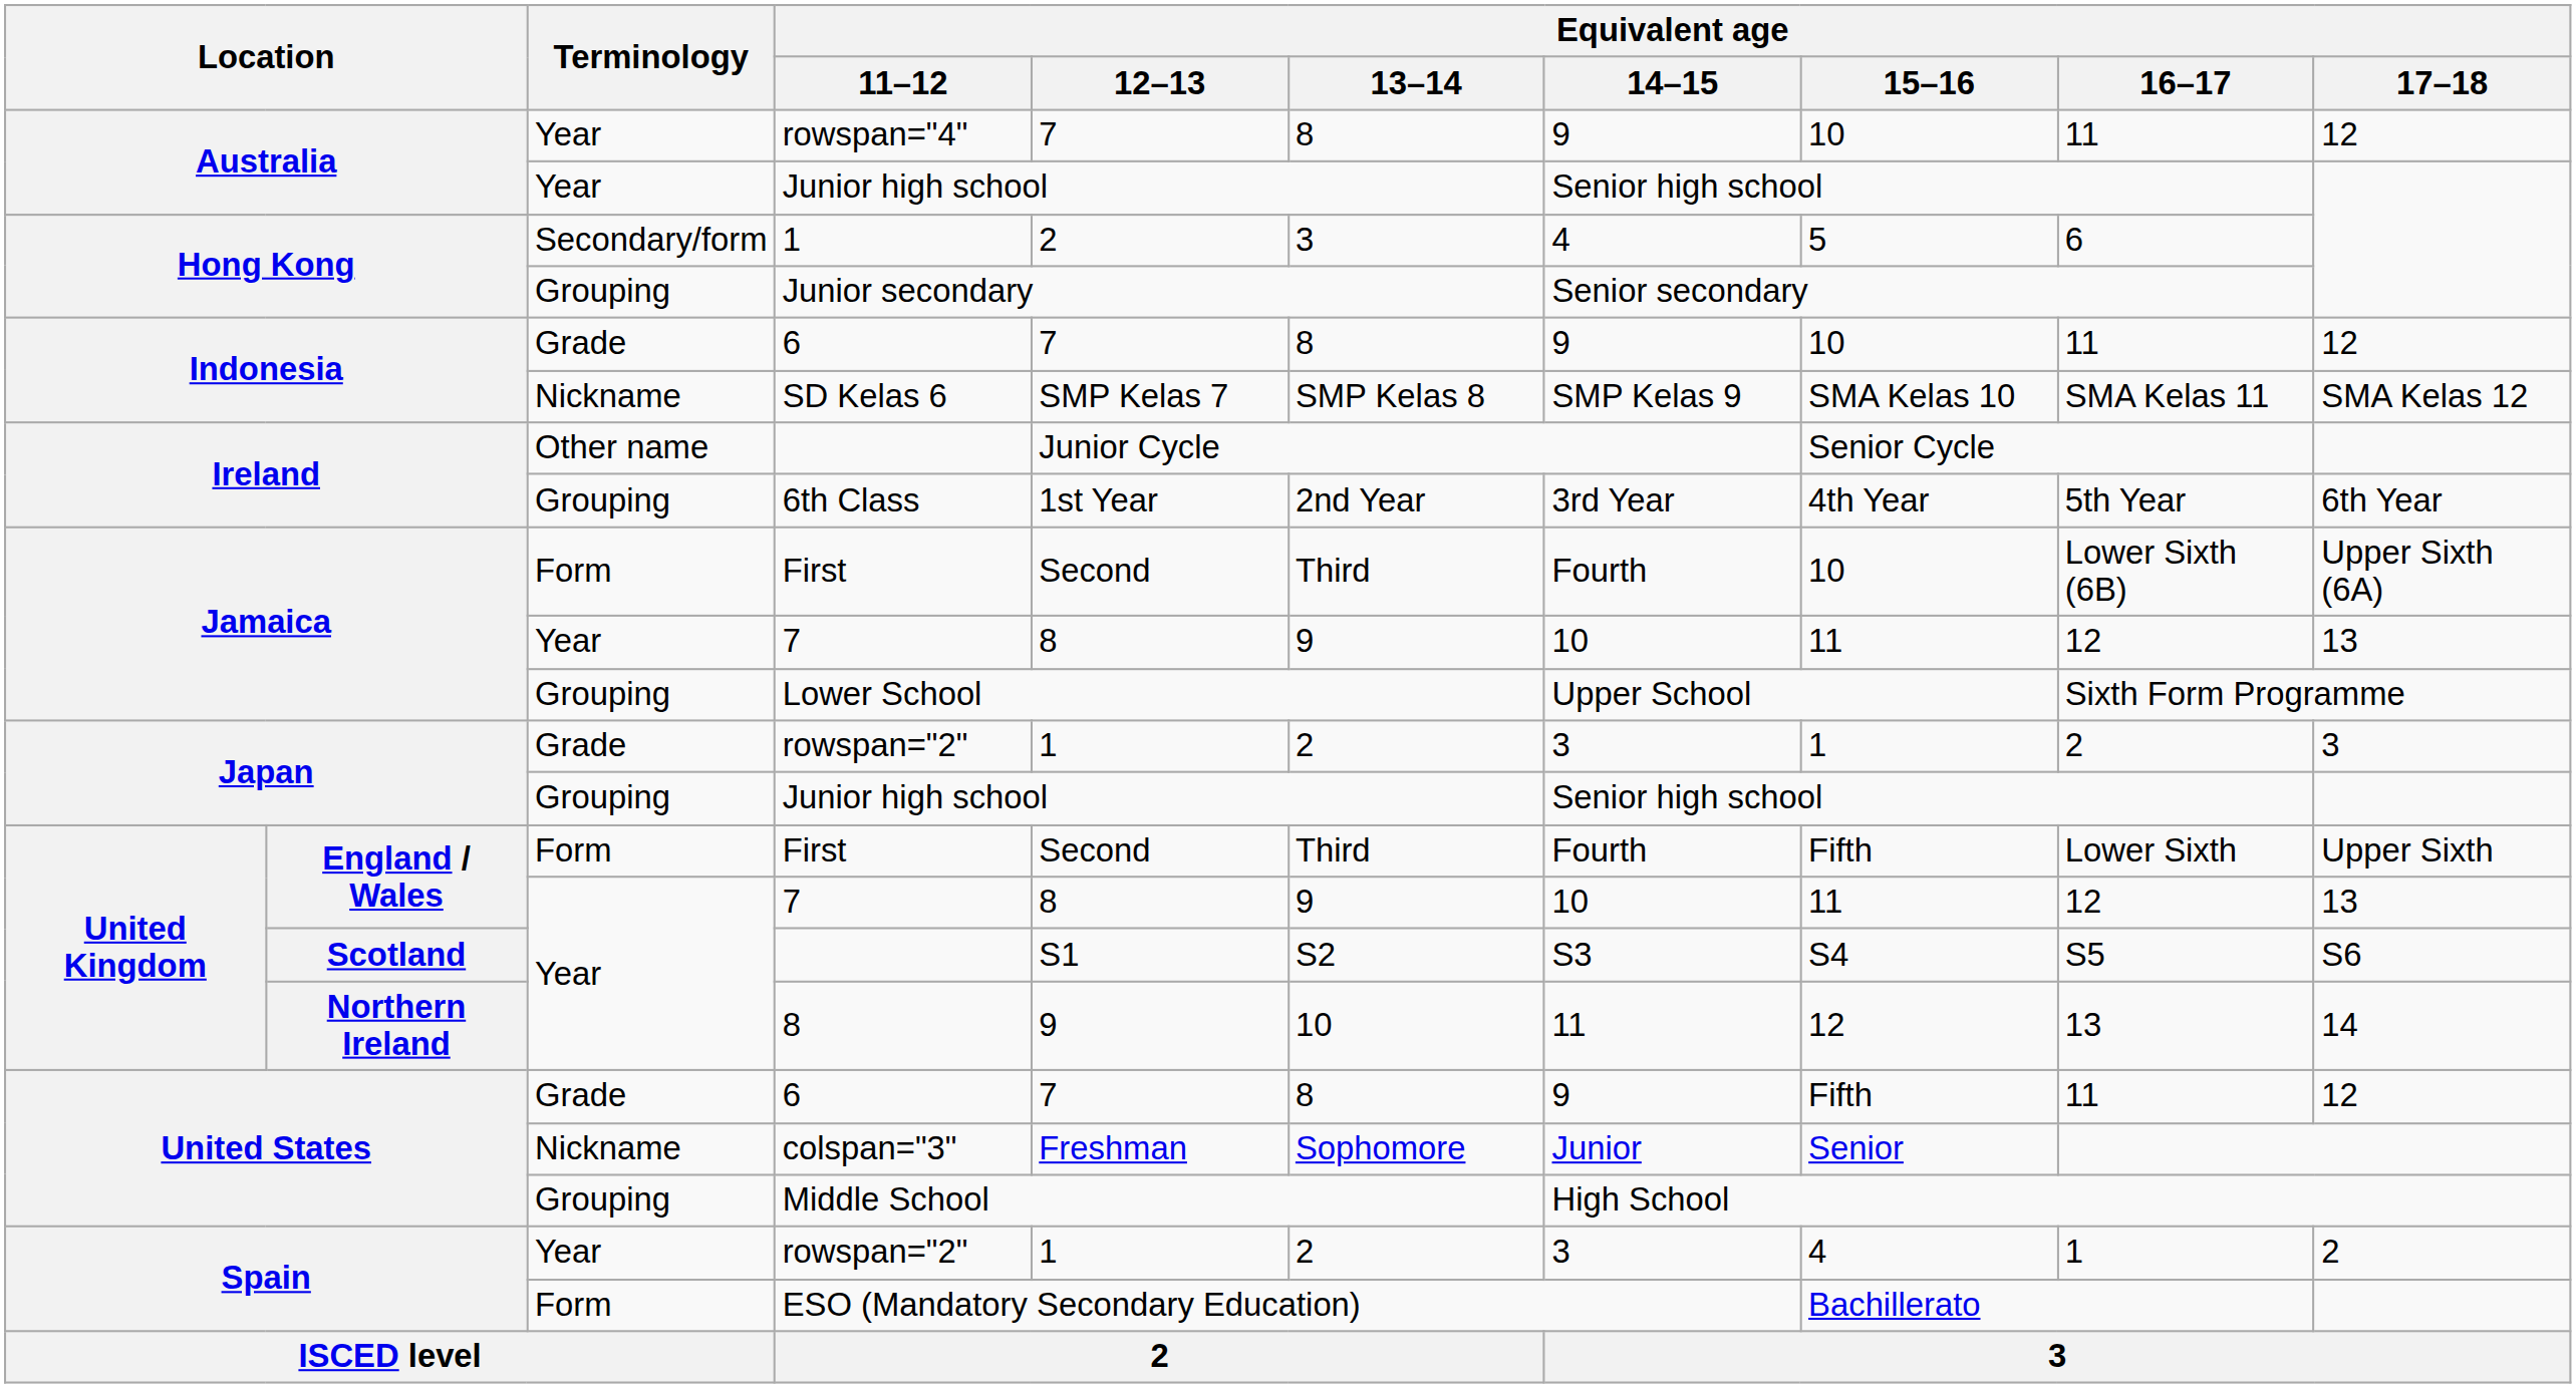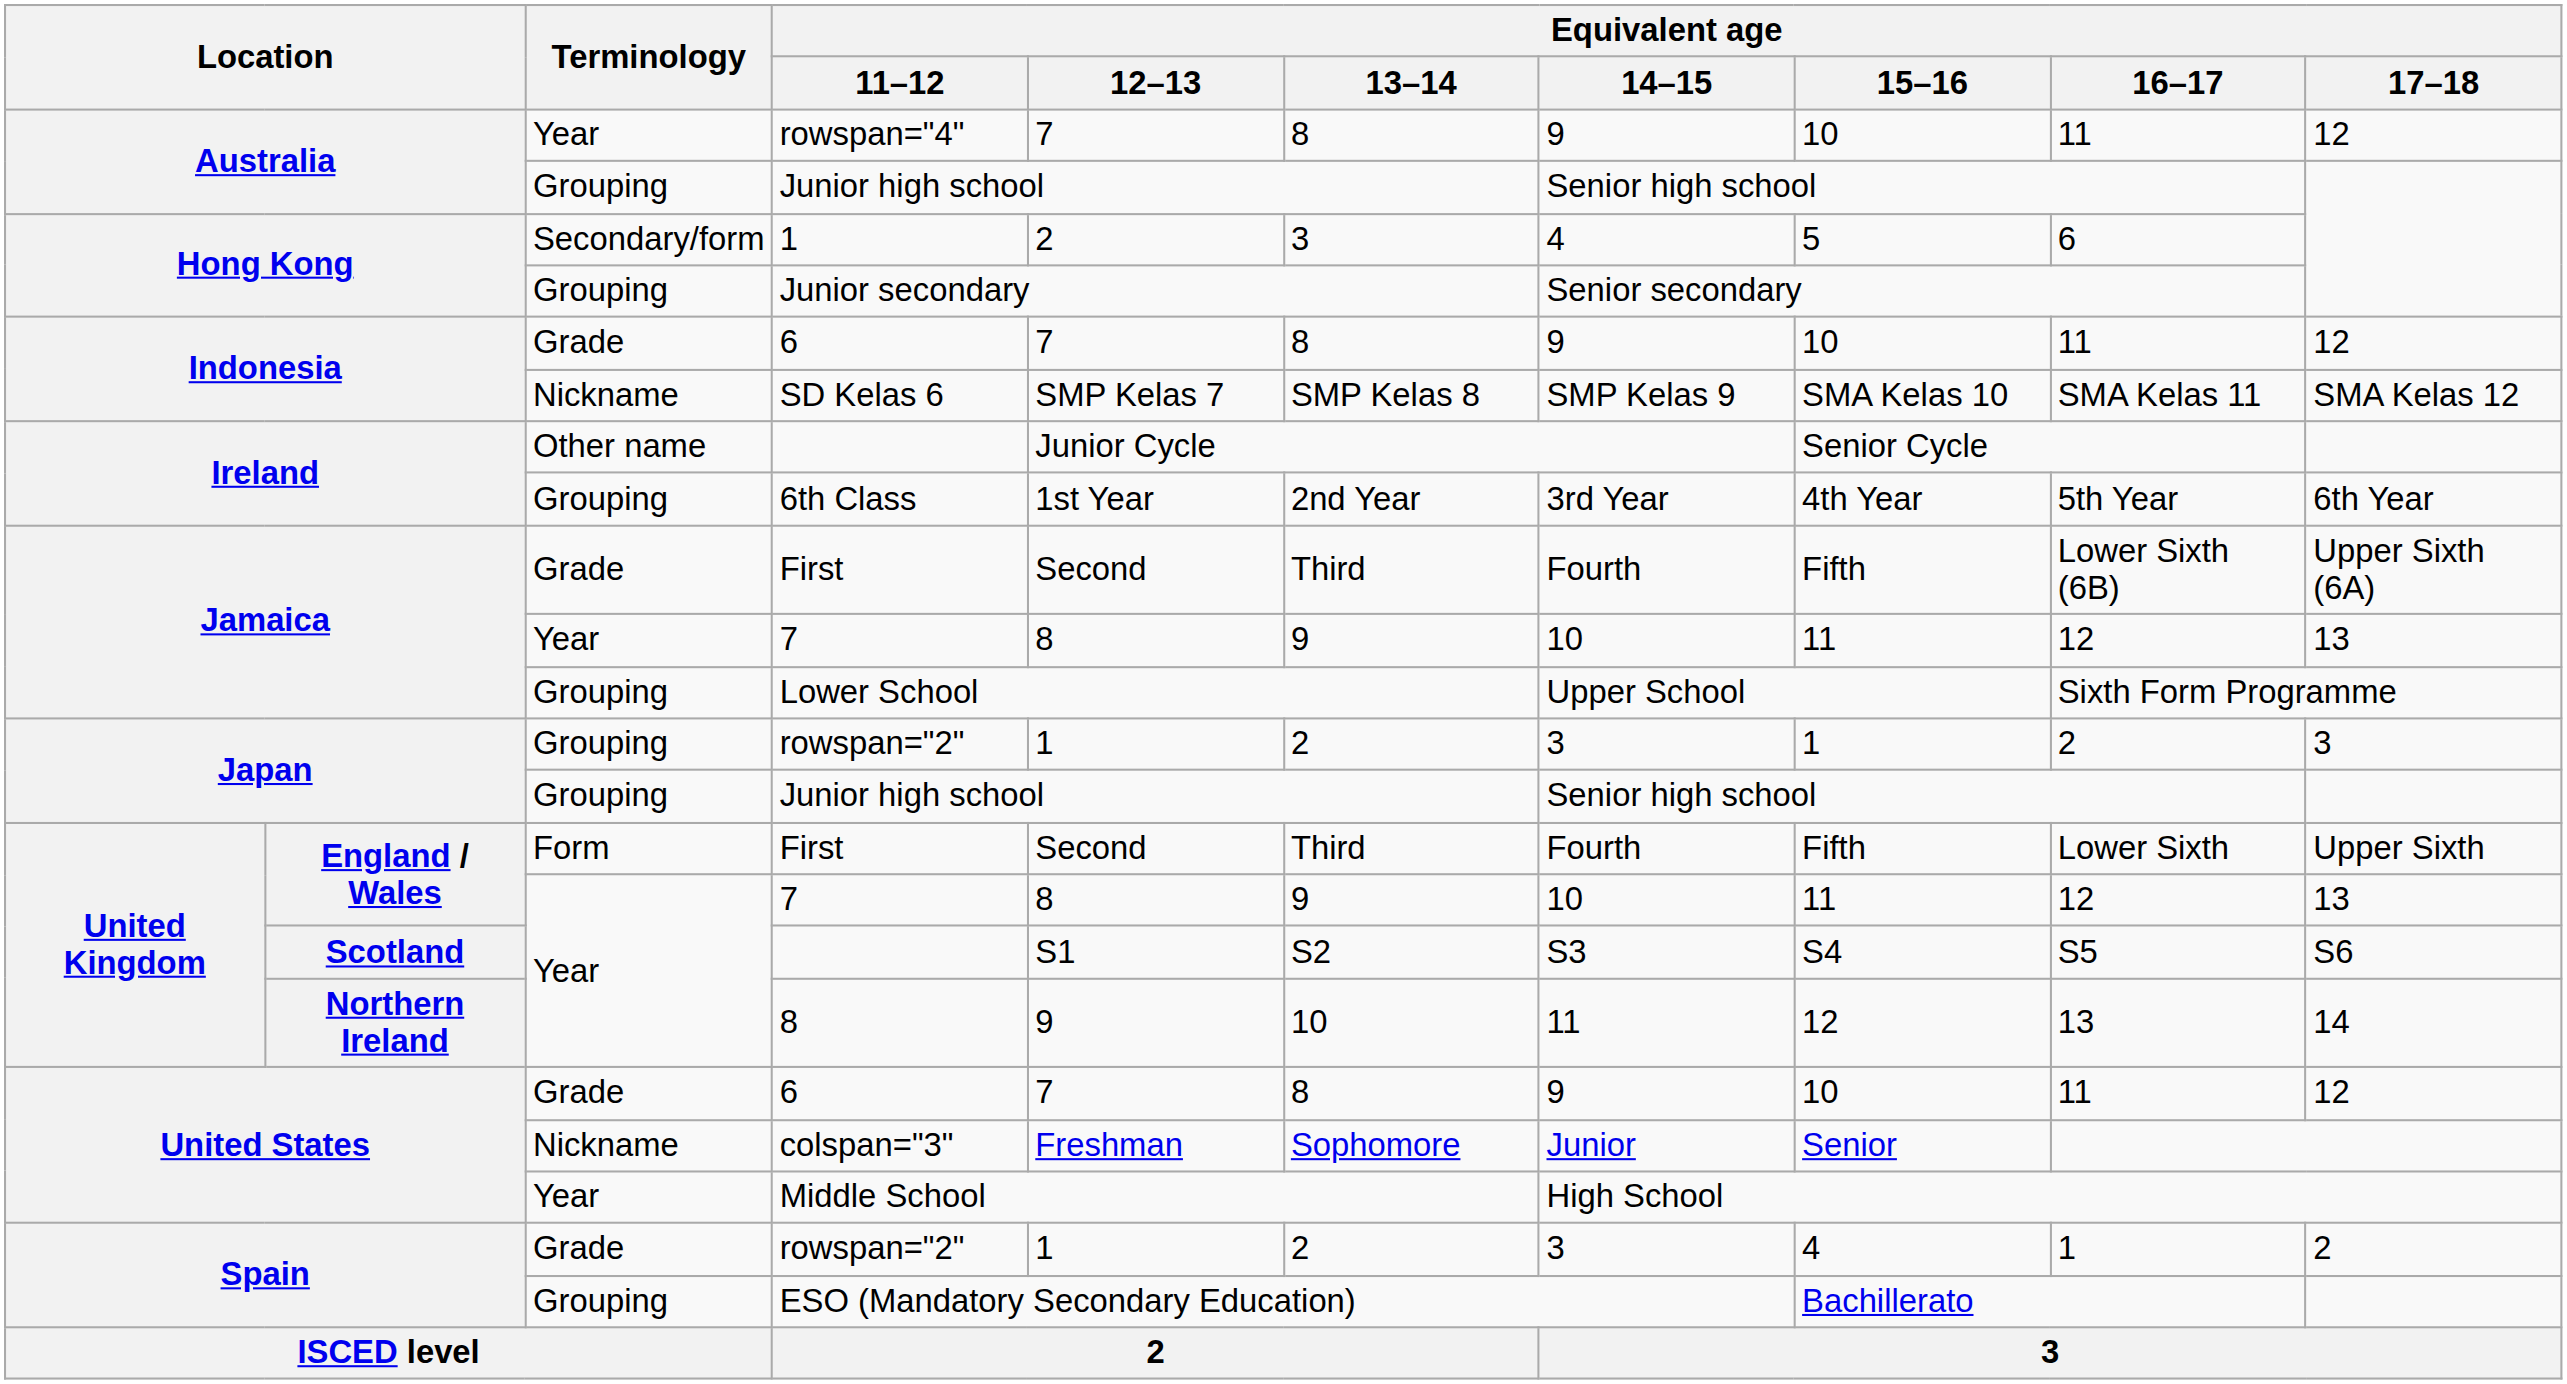 <table class="wikitable">
 <tr>
 <th colspan="2" rowspan="2">Location</th>
 <th rowspan="2">Terminology</th>
 <th colspan="7">Equivalent age</th>
 </tr>
 <tr>
 <th style="width:10%;">11–12</th>
 <th style="width:10%;">12–13</th>
 <th style="width:10%;">13–14</th>
 <th style="width:10%;">14–15</th>
 <th style="width:10%;">15–16</th>
 <th style="width:10%;">16–17</th>
 <th style="width:10%;">17–18</th>
 </tr>
 <tr>
 <th rowspan="2" colspan="2"><a href='#'>Australia</a></th>
 <td>Year</td>
 <td>rowspan="4" </td>
 <td>7</td>
 <td>8</td>
 <td>9</td>
 <td>10</td>
 <td>11</td>
 <td>12</td>
 </tr>
 <tr>
-<td>Year</td>
+<td>Grouping</td>
 <td colspan="3">Junior high school</td>
 <td colspan="3">Senior high school</td>
 </tr>
 <tr>
 <th rowspan="2" colspan="2"><a href='#'>Hong Kong</a></th>
 <td>Secondary/form</td>
 <td>1</td>
 <td>2</td>
 <td>3</td>
 <td>4</td>
 <td>5</td>
 <td>6</td>
 </tr>
 <tr>
 <td>Grouping</td>
 <td colspan="3">Junior secondary</td>
 <td colspan="3">Senior secondary</td>
 </tr>
 <tr>
 <th rowspan="2" colspan="2"><a href='#'>Indonesia</a></th>
 <td>Grade</td>
 <td>6</td>
 <td>7</td>
 <td>8</td>
 <td>9</td>
 <td>10</td>
 <td>11</td>
 <td>12</td>
 </tr>
 <tr>
 <td>Nickname</td>
 <td>SD Kelas 6</td>
 <td>SMP Kelas 7</td>
 <td>SMP Kelas 8</td>
 <td>SMP Kelas 9</td>
 <td>SMA Kelas 10</td>
 <td>SMA Kelas 11</td>
 <td>SMA Kelas 12</td>
 </tr>
 <tr>
 <th rowspan="2" colspan="2"><a href='#'>Ireland</a></th>
 <td>Other name</td>
 <td></td>
 <td colspan="3">Junior Cycle</td>
 <td colspan="2">Senior Cycle</td>
 </tr>
 <tr>
 <td>Grouping</td>
 <td>6th Class</td>
 <td>1st Year</td>
 <td>2nd Year</td>
 <td>3rd Year</td>
 <td>4th Year</td>
 <td>5th Year</td>
 <td>6th Year</td>
 </tr>
 <tr>
 <th rowspan="3" colspan="2"><a href='#'>Jamaica</a></th>
-<td>Form</td>
+<td>Grade</td>
 <td>First</td>
 <td>Second</td>
 <td>Third</td>
 <td>Fourth</td>
-<td>10</td>
+<td>Fifth</td>
 <td>Lower Sixth (6B)</td>
 <td>Upper Sixth (6A)</td>
 </tr>
 <tr>
 <td>Year</td>
 <td>7</td>
 <td>8</td>
 <td>9</td>
 <td>10</td>
 <td>11</td>
 <td>12</td>
 <td>13</td>
 </tr>
 <tr>
 <td>Grouping</td>
 <td colspan="3">Lower School</td>
 <td colspan="2">Upper School</td>
 <td colspan="2">Sixth Form Programme</td>
 </tr>
 <tr>
 <th rowspan="2" colspan="2"><a href='#'>Japan</a></th>
-<td>Grade</td>
+<td>Grouping</td>
 <td>rowspan="2" </td>
 <td>1</td>
 <td>2</td>
 <td>3</td>
 <td>1</td>
 <td>2</td>
 <td>3</td>
 </tr>
 <tr>
 <td>Grouping</td>
 <td colspan="3">Junior high school</td>
 <td colspan="3">Senior high school</td>
 </tr>
 <tr>
 <th rowspan="4"><a href='#'>United Kingdom</a></th>
 <th rowspan="2"><a href='#'>England</a> / <a href='#'>Wales</a></th>
 <td>Form</td>
 <td>First</td>
 <td>Second</td>
 <td>Third</td>
 <td>Fourth</td>
 <td>Fifth</td>
 <td>Lower Sixth</td>
 <td>Upper Sixth</td>
 </tr>
 <tr>
 <td rowspan="3">Year</td>
 <td>7</td>
 <td>8</td>
 <td>9</td>
 <td>10</td>
 <td>11</td>
 <td>12</td>
 <td>13</td>
 </tr>
 <tr>
 <th><a href='#'>Scotland</a></th>
 <td></td>
 <td>S1</td>
 <td>S2</td>
 <td>S3</td>
 <td>S4</td>
 <td>S5</td>
 <td>S6</td>
 </tr>
 <tr>
 <th><a href='#'>Northern Ireland</a></th>
 <td>8</td>
 <td>9</td>
 <td>10</td>
 <td>11</td>
 <td>12</td>
 <td>13</td>
 <td>14</td>
 </tr>
 <tr>
 <th rowspan="3" colspan="2"><a href='#'>United States</a></th>
 <td>Grade</td>
 <td>6</td>
 <td>7</td>
 <td>8</td>
 <td>9</td>
-<td>Fifth</td>
+<td>10</td>
 <td>11</td>
 <td>12</td>
 </tr>
 <tr>
 <td>Nickname</td>
 <td>colspan="3" </td>
 <td><a href='#'>Freshman</a></td>
 <td><a href='#'>Sophomore</a></td>
 <td><a href='#'>Junior</a></td>
 <td><a href='#'>Senior</a></td>
 </tr>
 <tr>
-<td>Grouping</td>
+<td>Year</td>
 <td colspan="3">Middle School</td>
 <td colspan="4">High School</td>
 </tr>
 <tr>
 <th colspan="2" rowspan="2"><a href='#'>Spain</a></th>
-<td>Year</td>
+<td>Grade</td>
 <td>rowspan="2" </td>
 <td>1</td>
 <td>2</td>
 <td>3</td>
 <td>4</td>
 <td>1</td>
 <td>2</td>
 </tr>
 <tr>
-<td>Form</td>
+<td>Grouping</td>
 <td colspan="4">ESO (Mandatory Secondary Education)</td>
 <td colspan="2"><a href='#'>Bachillerato</a></td>
 </tr>
 <tr>
 <th colspan="3"><a href='#'>ISCED</a> level</th>
 <th colspan="3">2</th>
 <th colspan="4">3</th>
 </tr>
 </table>
